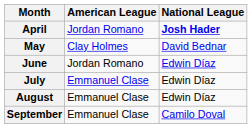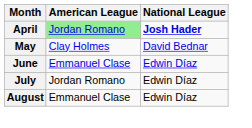 <table class="wikitable">
 <tr>
 <th>Month</th>
 <th>American League</th>
 <th>National League</th>
 </tr>
 <tr>
 <th>April</th>
-<td><a href='#'>Jordan Romano</a></td>
+<td style="background: lightgreen;"><a href='#'>Jordan Romano</a></td>
 <td><strong><a href='#'>Josh Hader</a></strong></td>
 </tr>
 <tr>
 <th>May</th>
 <td><a href='#'>Clay Holmes</a></td>
 <td><a href='#'>David Bednar</a></td>
 </tr>
 <tr>
 <th>June</th>
-<td>Jordan Romano</td>
+<td><a href='#'>Emmanuel Clase</a></td>
 <td><a href='#'>Edwin Díaz</a></td>
 </tr>
 <tr>
 <th>July</th>
-<td><a href='#'>Emmanuel Clase</a></td>
+<td>Jordan Romano</td>
 <td>Edwin Díaz</td>
 </tr>
 <tr>
 <th>August</th>
 <td>Emmanuel Clase</td>
 <td>Edwin Díaz</td>
 </tr>
-<tr>
-<th>September</th>
-<td>Emmanuel Clase</td>
-<td><a href='#'>Camilo Doval</a></td>
-</tr>
 </table>
